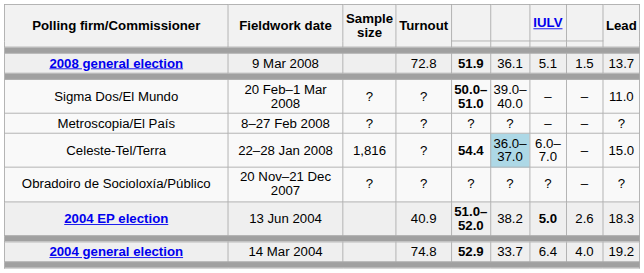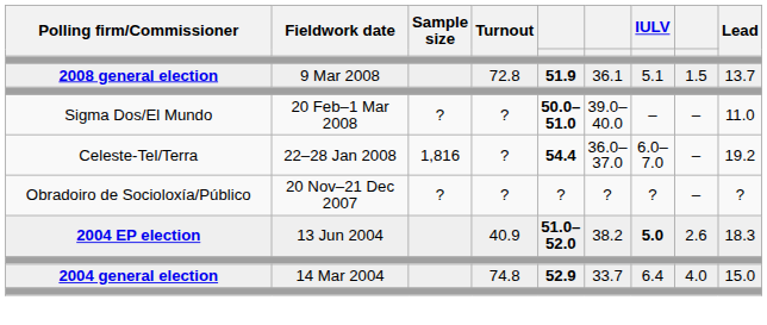 <table class="wikitable collapsible collapsed" style="text-align:center; font-size:95%; line-height:16px;">
 <tr style="height:42px;">
 <th style="width:250px;" rowspan="2">Polling firm/Commissioner</th>
 <th style="width:125px;" rowspan="2">Fieldwork date</th>
 <th style="width:50px;" rowspan="2">Sample size</th>
 <th style="width:45px;" rowspan="2">Turnout</th>
 <th style="width:35px;"></th>
 <th style="width:35px;"></th>
 <th style="width:35px;"><a href='#'>IULV</a></th>
 <th style="width:35px;"></th>
 <th style="width:30px;" rowspan="2">Lead</th>
 </tr>
 <tr>
 <th style="color:inherit;background:"></th>
 <th style="color:inherit;background:"></th>
 <th style="color:inherit;background:"></th>
 <th style="color:inherit;background:"></th>
 </tr>
 <tr>
 <td colspan="9" style="background:#A0A0A0"></td>
 </tr>
 <tr style="background:#EFEFEF;">
 <td><strong><a href='#'>2008 general election</a></strong></td>
 <td>9 Mar 2008</td>
 <td></td>
 <td>72.8</td>
 <td><strong>51.9</strong><br></td>
 <td>36.1<br></td>
 <td>5.1<br></td>
 <td>1.5<br></td>
 <td style="background:">13.7</td>
 </tr>
 <tr>
 <td colspan="9" style="background:#A0A0A0"></td>
 </tr>
 <tr>
 <td>Sigma Dos/El Mundo</td>
 <td>20 Feb–1 Mar 2008</td>
 <td>?</td>
 <td>?</td>
 <td><strong>50.0–<br>51.0</strong><br></td>
 <td>39.0–<br>40.0<br></td>
 <td>–</td>
 <td>–</td>
 <td style="background:">11.0</td>
 </tr>
 <tr>
-<td>Metroscopia/El País</td>
-<td>8–27 Feb 2008</td>
-<td>?</td>
-<td>?</td>
-<td>?<br></td>
-<td>?<br></td>
-<td>–</td>
-<td>–</td>
-<td style="background:">?</td>
-</tr>
-<tr>
 <td>Celeste-Tel/Terra</td>
 <td>22–28 Jan 2008</td>
 <td>1,816</td>
 <td>?</td>
 <td><strong>54.4</strong><br></td>
-<td style="background: lightblue;">36.0–<br>37.0<br></td>
+<td>36.0–<br>37.0<br></td>
 <td>6.0–<br>7.0<br></td>
 <td>–</td>
-<td style="background:">15.0</td>
+<td style="background:">19.2</td>
 </tr>
 <tr>
 <td>Obradoiro de Socioloxía/Público</td>
 <td>20 Nov–21 Dec 2007</td>
 <td>?</td>
 <td>?</td>
 <td>?<br></td>
 <td>?<br></td>
 <td>?<br></td>
 <td>–</td>
 <td style="background:">?</td>
 </tr>
 <tr style="background:#EFEFEF;">
 <td><strong><a href='#'>2004 EP election</a></strong></td>
 <td>13 Jun 2004</td>
 <td></td>
 <td>40.9</td>
 <td><strong>51.0–<br>52.0</strong><br></td>
 <td>38.2<br></td>
 <td><strong>5.0<br></strong></td>
 <td>2.6<br></td>
 <td style="background:">18.3</td>
 </tr>
 <tr>
 <td colspan="9" style="background:#A0A0A0"></td>
 </tr>
 <tr style="background:#EFEFEF;">
 <td><strong><a href='#'>2004 general election</a></strong></td>
 <td>14 Mar 2004</td>
 <td></td>
 <td>74.8</td>
 <td><strong>52.9</strong><br></td>
 <td>33.7<br></td>
 <td>6.4<br></td>
 <td>4.0<br></td>
-<td style="background:">19.2</td>
+<td style="background:">15.0</td>
 </tr>
 <tr>
 <td colspan="9" style="background:#A0A0A0"></td>
 </tr>
 </table>
